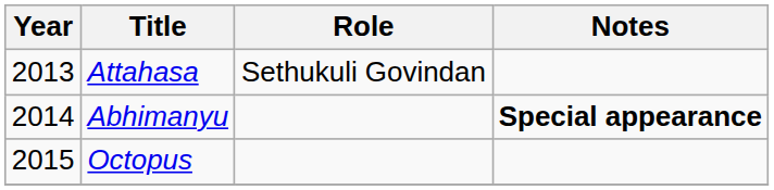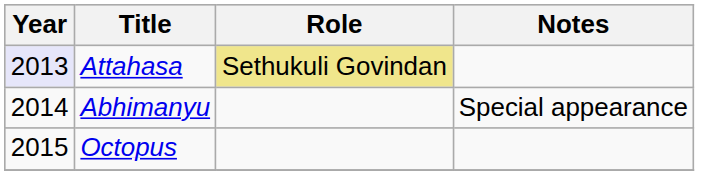 <table class="wikitable">
 <tr>
 <th>Year</th>
 <th>Title</th>
 <th>Role</th>
 <th>Notes</th>
 </tr>
 <tr>
-<td>2013</td>
+<td style="background: lavender;">2013</td>
 <td><em><a href='#'>Attahasa</a></em></td>
-<td>Sethukuli Govindan</td>
+<td style="background: khaki;">Sethukuli Govindan</td>
 <td></td>
 </tr>
 <tr>
 <td>2014</td>
 <td><em><a href='#'>Abhimanyu</a></em></td>
 <td></td>
-<td><strong>Special appearance</strong></td>
+<td>Special appearance</td>
 </tr>
 <tr>
 <td>2015</td>
 <td><em><a href='#'>Octopus</a></em></td>
 <td></td>
 <td></td>
 </tr>
 <tr>
 </tr>
 </table>
